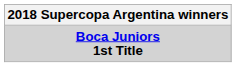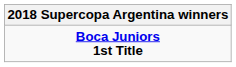 <table class="wikitable" style="text-align: center; margin: 0 auto;">
 <tr>
 <th>2018 Supercopa Argentina winners</th>
 </tr>
 <tr>
-<td style="background: lightgrey;"><strong><a href='#'>Boca Juniors</a></strong><br><strong>1st Title</strong></td>
+<td><strong><a href='#'>Boca Juniors</a></strong><br><strong>1st Title</strong></td>
 </tr>
 </table>
